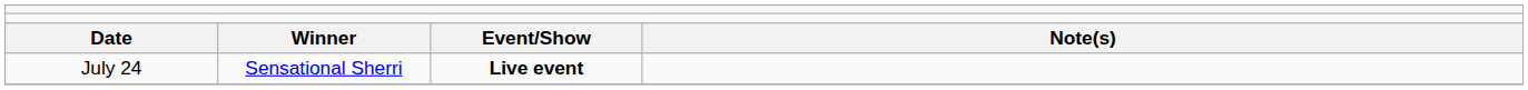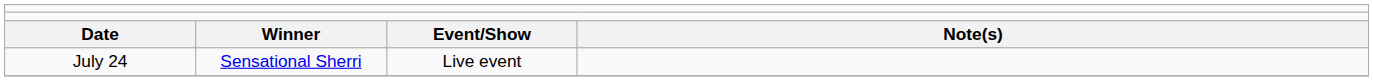 <table class="wikitable" style="text-align:center; width:100%;">
 <tr>
 <td colspan="5"></td>
 </tr>
 <tr>
 <td colspan="5"><strong></strong></td>
 </tr>
 <tr>
 <th width=14%>Date</th>
 <th width=14%>Winner</th>
 <th width=14%>Event/Show</th>
 <th width=58%>Note(s)</th>
 </tr>
 <tr>
 <td>July 24</td>
 <td><a href='#'>Sensational Sherri</a></td>
-<td><strong>Live event</strong></td>
+<td>Live event</td>
 <td align=left></td>
 </tr>
 <tr>
 </tr>
 </table>
